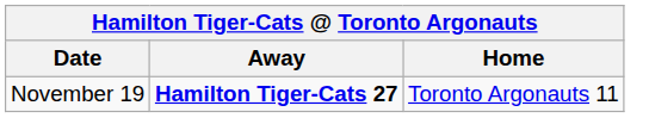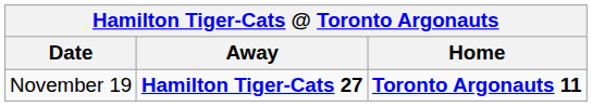 <table class="wikitable">
 <tr>
 <th colspan=4><a href='#'>Hamilton Tiger-Cats</a> @ <a href='#'>Toronto Argonauts</a></th>
 </tr>
 <tr>
 <th>Date</th>
 <th>Away</th>
 <th>Home</th>
 </tr>
 <tr>
 <td>November 19</td>
 <td><strong><a href='#'>Hamilton Tiger-Cats</a> 27</strong></td>
-<td><a href='#'>Toronto Argonauts</a> 11</td>
+<td><strong><a href='#'>Toronto Argonauts</a> 11</strong></td>
 </tr>
 </table>
